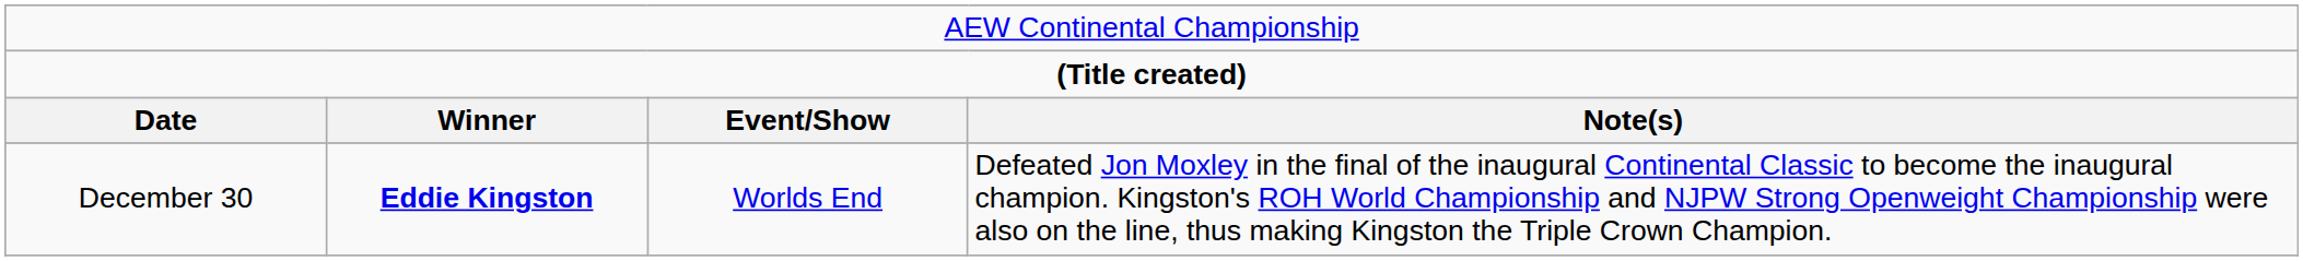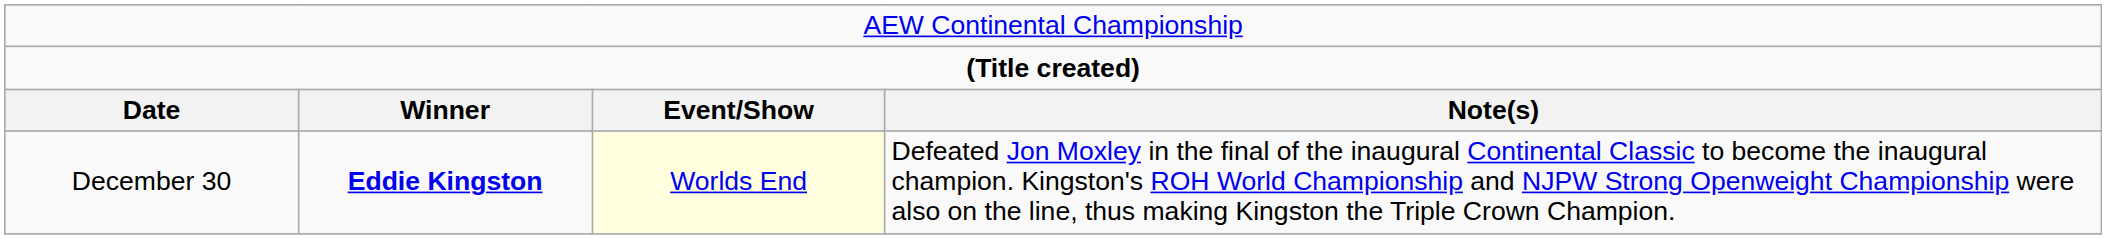 <table class="wikitable" style="text-align:center; width:100%;">
 <tr>
 <td colspan="4" style="text-align: center;"><a href='#'>AEW Continental Championship</a></td>
 </tr>
 <tr>
 <td colspan="4" style="text-align: center;"><strong>(Title created)</strong></td>
 </tr>
 <tr>
 <th width=14%>Date</th>
 <th width=14%>Winner</th>
 <th width=14%>Event/Show</th>
 <th width=58%>Note(s)</th>
 </tr>
 <tr>
 <td>December 30</td>
 <td><strong><a href='#'>Eddie Kingston</a></strong></td>
-<td><a href='#'>Worlds End</a></td>
+<td style="background: lightyellow;"><a href='#'>Worlds End</a></td>
 <td align=left>Defeated <a href='#'>Jon Moxley</a> in the final of the inaugural <a href='#'>Continental Classic</a> to become the inaugural champion. Kingston's <a href='#'>ROH World Championship</a> and <a href='#'>NJPW Strong Openweight Championship</a> were also on the line, thus making Kingston the Triple Crown Champion.</td>
 </tr>
 </table>
